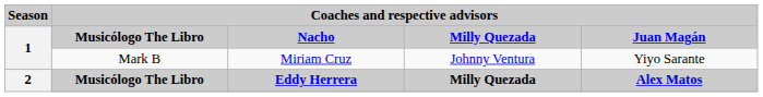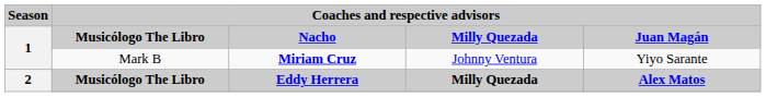 <table class="wikitable" style="text-align: center">
 <tr>
 <th style="background:#ccc">Season</th>
 <th style="background:#ccc" colspan="4">Coaches and respective advisors</th>
 </tr>
 <tr>
 <th scope="row" rowspan="2">1</th>
 <th style="background:#ccc" width="200">Musicólogo The Libro</th>
 <th style="background:#ccc" width="200"><a href='#'>Nacho</a></th>
 <th style="background:#ccc" width="200"><a href='#'>Milly Quezada</a></th>
 <th style="background:#ccc" width="200"><a href='#'>Juan Magán</a></th>
 </tr>
 <tr>
 <td>Mark B</td>
-<td><a href='#'>Miriam Cruz</a></td>
+<td><strong><a href='#'>Miriam Cruz</a></strong></td>
 <td><a href='#'>Johnny Ventura</a></td>
 <td>Yiyo Sarante</td>
 </tr>
 <tr>
 <th scope="row" rowspan="2">2</th>
 <th style="background:#ccc" width="200">Musicólogo The Libro</th>
 <th style="background:#ccc" width="200"><a href='#'>Eddy Herrera</a></th>
 <th style="background:#ccc" width="200">Milly Quezada</th>
 <th style="background:#ccc" width="200"><a href='#'>Alex Matos</a></th>
 </tr>
 <tr>
 </tr>
 </table>
